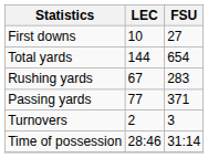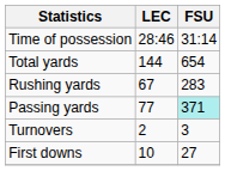 <table class="wikitable">
 <tr>
 <th>Statistics</th>
 <th>LEC</th>
 <th>FSU</th>
 </tr>
 <tr>
-<td>First downs</td>
-<td>10</td>
-<td>27</td>
+<td>Time of possession</td>
+<td>28:46</td>
+<td>31:14</td>
 </tr>
 <tr>
 <td>Total yards</td>
 <td>144</td>
 <td>654</td>
 </tr>
 <tr>
 <td>Rushing yards</td>
 <td>67</td>
 <td>283</td>
 </tr>
 <tr>
 <td>Passing yards</td>
 <td>77</td>
-<td>371</td>
+<td style="background: paleturquoise;">371</td>
 </tr>
 <tr>
 <td>Turnovers</td>
 <td>2</td>
 <td>3</td>
 </tr>
 <tr>
-<td>Time of possession</td>
-<td>28:46</td>
-<td>31:14</td>
+<td>First downs</td>
+<td>10</td>
+<td>27</td>
 </tr>
 <tr>
 </tr>
 </table>
